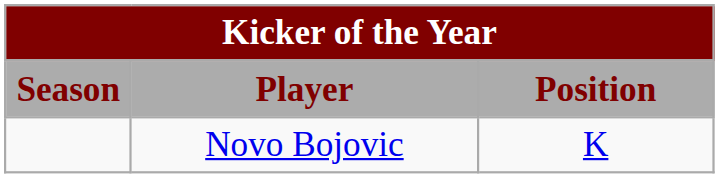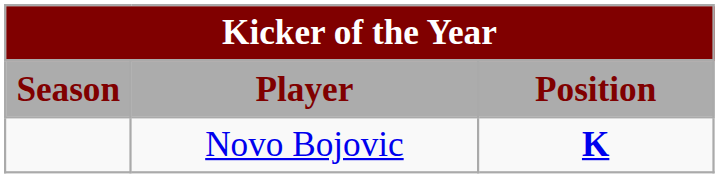 <table class="wikitable sortable" style="text-align:center">
 <tr>
 <td colspan="4" style="background:#800000; color:white;"><strong>Kicker of the Year</strong></td>
 </tr>
 <tr>
 <th style="width:50px; background:#ACACAC; color:#800000;">Season</th>
 <th style="width:150px; background:#ACACAC; color:#800000;">Player</th>
 <th style="width:100px; background:#ACACAC; color:#800000;">Position</th>
 </tr>
 <tr>
 <td></td>
 <td><a href='#'>Novo Bojovic</a></td>
-<td><a href='#'>K</a></td>
+<td><strong><a href='#'>K</a></strong></td>
 </tr>
 </table>
